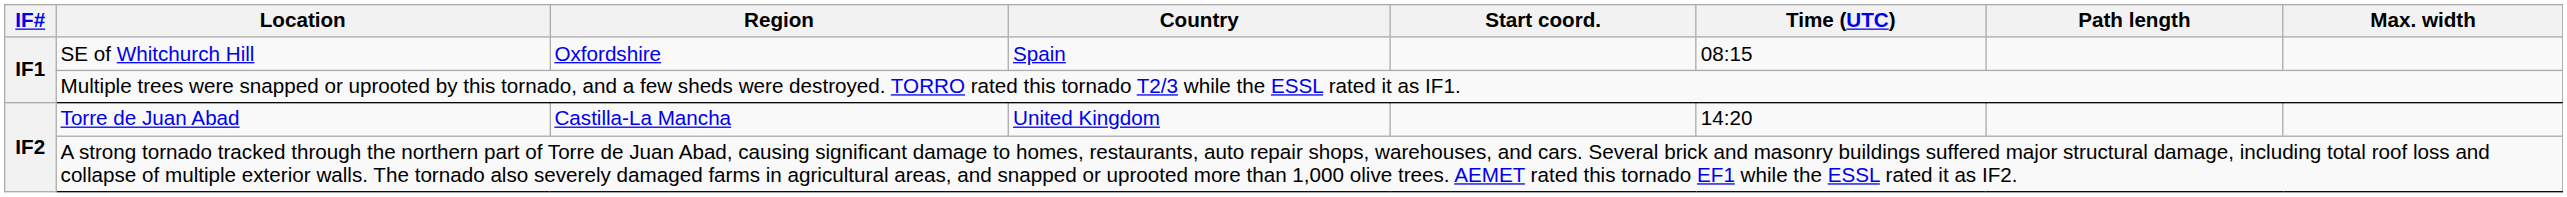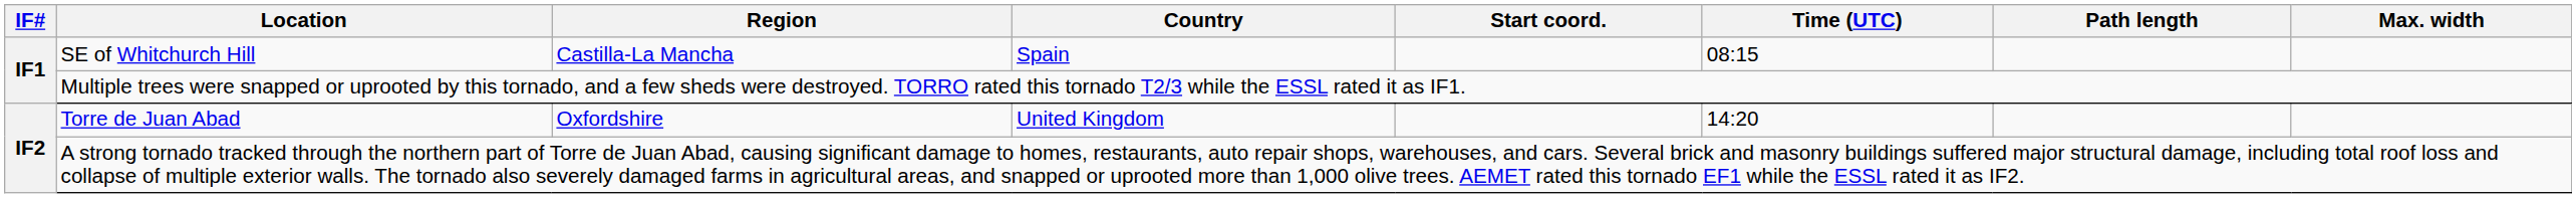 <table class="wikitable sortable" style="width:100%;">
 <tr>
 <th scope="col" width="2%" align="center"><a href='#'>IF#</a></th>
 <th scope="col" align="center" class="unsortable">Location</th>
 <th scope="col" align="center" class="unsortable">Region</th>
 <th scope="col" align="center">Country</th>
 <th scope="col" align="center">Start coord.</th>
 <th scope="col" align="center">Time (<a href='#'>UTC</a>)</th>
 <th scope="col" align="center">Path length</th>
 <th scope="col" align="center">Max. width</th>
 </tr>
 <tr>
 <th scope="row" rowspan="2" style="background-color:#">IF1</th>
 <td>SE of <a href='#'>Whitchurch Hill</a></td>
-<td><a href='#'>Oxfordshire</a></td>
+<td><a href='#'>Castilla-La Mancha</a></td>
 <td><a href='#'>Spain</a></td>
 <td></td>
 <td>08:15</td>
 <td></td>
 <td></td>
 </tr>
 <tr class="expand-child">
 <td colspan="8" style=" border-bottom: 1px solid black;">Multiple trees were snapped or uprooted by this tornado, and a few sheds were destroyed. <a href='#'>TORRO</a> rated this tornado <a href='#'>T2/3</a> while the <a href='#'>ESSL</a> rated it as IF1.</td>
 </tr>
 <tr>
 <th scope="row" rowspan="2" style="background-color:#">IF2</th>
 <td><a href='#'>Torre de Juan Abad</a></td>
-<td><a href='#'>Castilla-La Mancha</a></td>
+<td><a href='#'>Oxfordshire</a></td>
 <td><a href='#'>United Kingdom</a></td>
 <td></td>
 <td>14:20</td>
 <td></td>
 <td></td>
 </tr>
 <tr class="expand-child">
 <td colspan="8" style=" border-bottom: 1px solid black;">A strong tornado tracked through the northern part of Torre de Juan Abad, causing significant damage to homes, restaurants, auto repair shops, warehouses, and cars. Several brick and masonry buildings suffered major structural damage, including total roof loss and collapse of multiple exterior walls. The tornado also severely damaged farms in agricultural areas, and snapped or uprooted more than 1,000 olive trees. <a href='#'>AEMET</a> rated this tornado <a href='#'>EF1</a> while the <a href='#'>ESSL</a> rated it as IF2.</td>
 </tr>
 </table>
